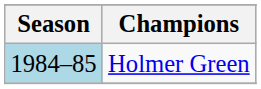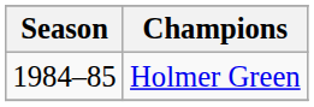 <table class="wikitable" style="text-align: center">
 <tr>
 </tr>
 <tr>
 <th>Season</th>
 <th>Champions</th>
 </tr>
 <tr>
-<td style="background: lightblue;">1984–85</td>
+<td>1984–85</td>
 <td><a href='#'>Holmer Green</a></td>
 </tr>
 <tr>
 </tr>
 </table>
